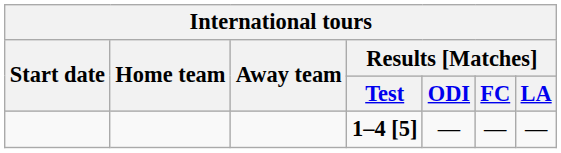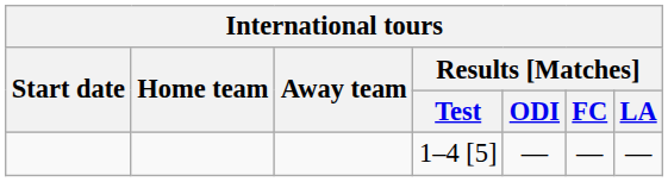 <table class="wikitable">
 <tr>
 <th colspan="7">International tours</th>
 </tr>
 <tr>
 <th rowspan="2">Start date</th>
 <th rowspan="2">Home team</th>
 <th rowspan="2">Away team</th>
 <th colspan="4">Results [Matches]</th>
 </tr>
 <tr>
 <th><a href='#'>Test</a></th>
 <th><a href='#'>ODI</a></th>
 <th><a href='#'>FC</a></th>
 <th><a href='#'>LA</a></th>
 </tr>
 <tr>
 <td><a href='#'></a></td>
 <td></td>
 <td></td>
-<td><strong>1–4 [5]</strong></td>
+<td>1–4 [5]</td>
 <td ; style="text-align:center">—</td>
 <td ; style="text-align:center">—</td>
 <td ; style="text-align:center">—</td>
 </tr>
 </table>
